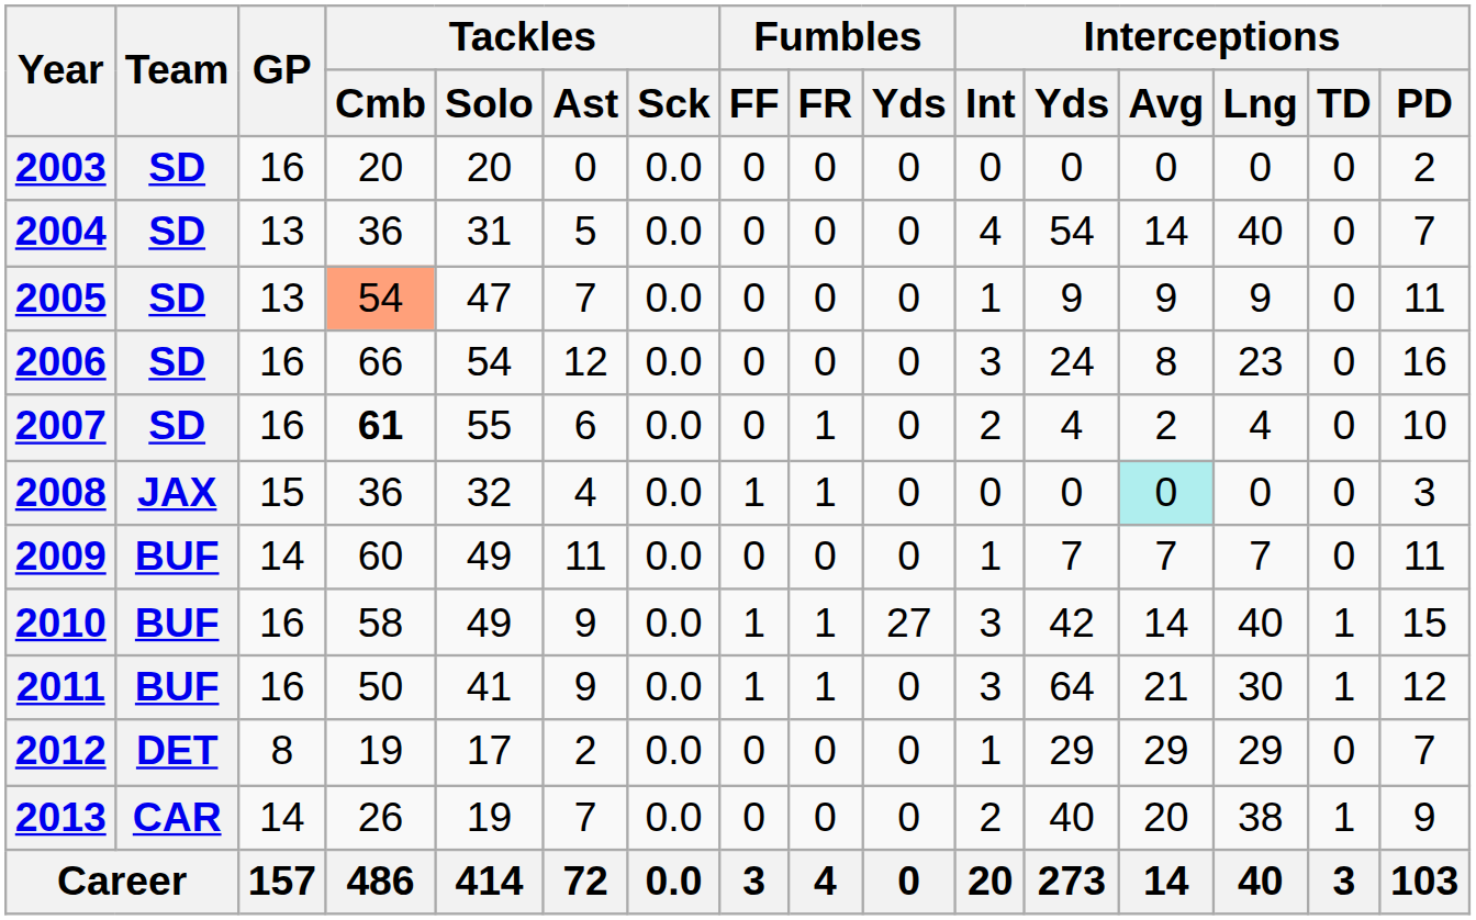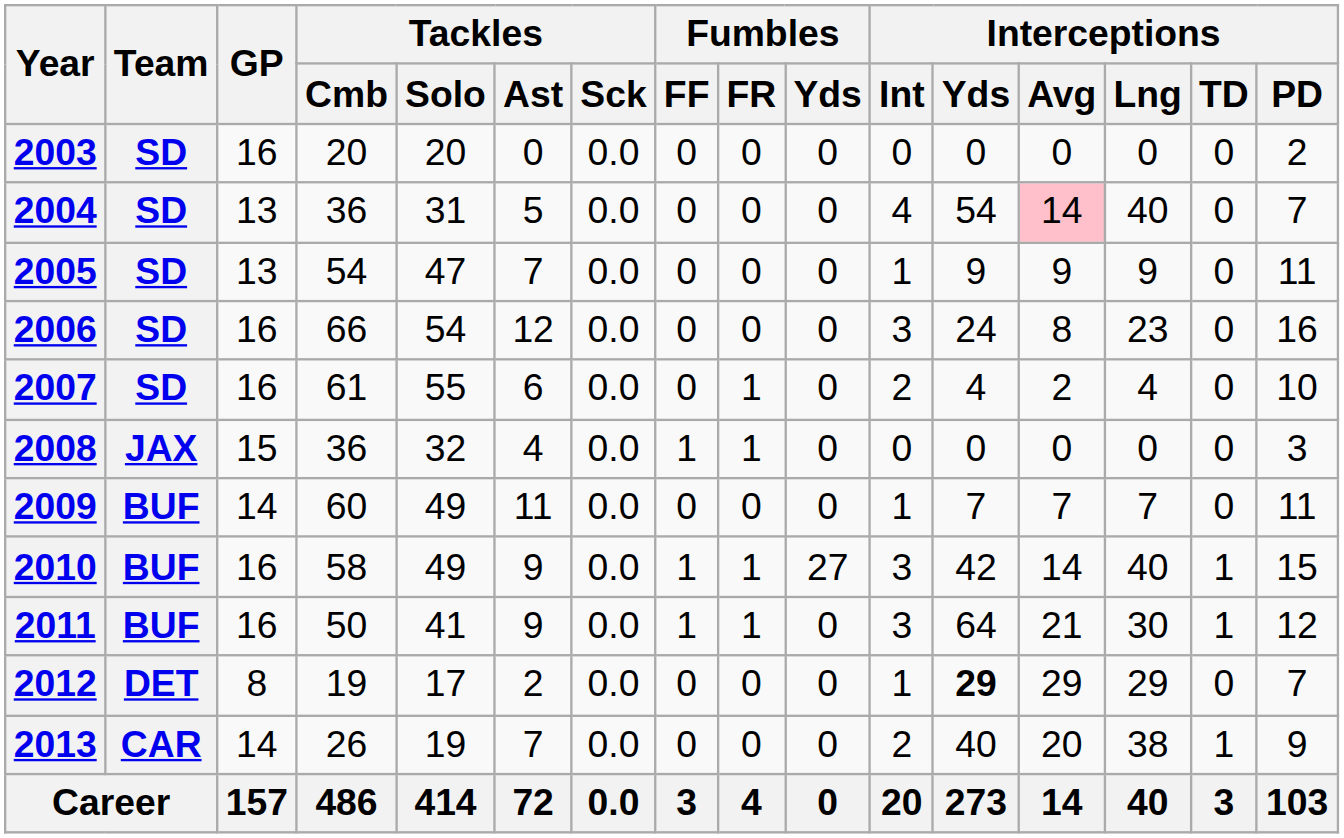 <table class="wikitable" style="text-align: center;">
 <tr>
 <th rowspan="2">Year</th>
 <th rowspan="2">Team</th>
 <th rowspan="2">GP</th>
 <th colspan="4">Tackles</th>
 <th colspan="3">Fumbles</th>
 <th colspan="6">Interceptions</th>
 </tr>
 <tr>
 <th>Cmb</th>
 <th>Solo</th>
 <th>Ast</th>
 <th>Sck</th>
 <th>FF</th>
 <th>FR</th>
 <th>Yds</th>
 <th>Int</th>
 <th>Yds</th>
 <th>Avg</th>
 <th>Lng</th>
 <th>TD</th>
 <th>PD</th>
 </tr>
 <tr>
 <th><a href='#'>2003</a></th>
 <th><a href='#'>SD</a></th>
 <td>16</td>
 <td>20</td>
 <td>20</td>
 <td>0</td>
 <td>0.0</td>
 <td>0</td>
 <td>0</td>
 <td>0</td>
 <td>0</td>
 <td>0</td>
 <td>0</td>
 <td>0</td>
 <td>0</td>
 <td>2</td>
 </tr>
 <tr>
 <th><a href='#'>2004</a></th>
 <th><a href='#'>SD</a></th>
 <td>13</td>
 <td>36</td>
 <td>31</td>
 <td>5</td>
 <td>0.0</td>
 <td>0</td>
 <td>0</td>
 <td>0</td>
 <td>4</td>
 <td>54</td>
-<td>14</td>
+<td style="background: pink;">14</td>
 <td>40</td>
 <td>0</td>
 <td>7</td>
 </tr>
 <tr>
 <th><a href='#'>2005</a></th>
 <th><a href='#'>SD</a></th>
 <td>13</td>
-<td style="background: lightsalmon;">54</td>
+<td>54</td>
 <td>47</td>
 <td>7</td>
 <td>0.0</td>
 <td>0</td>
 <td>0</td>
 <td>0</td>
 <td>1</td>
 <td>9</td>
 <td>9</td>
 <td>9</td>
 <td>0</td>
 <td>11</td>
 </tr>
 <tr>
 <th><a href='#'>2006</a></th>
 <th><a href='#'>SD</a></th>
 <td>16</td>
 <td>66</td>
 <td>54</td>
 <td>12</td>
 <td>0.0</td>
 <td>0</td>
 <td>0</td>
 <td>0</td>
 <td>3</td>
 <td>24</td>
 <td>8</td>
 <td>23</td>
 <td>0</td>
 <td>16</td>
 </tr>
 <tr>
 <th><a href='#'>2007</a></th>
 <th><a href='#'>SD</a></th>
 <td>16</td>
-<td><strong>61</strong></td>
+<td>61</td>
 <td>55</td>
 <td>6</td>
 <td>0.0</td>
 <td>0</td>
 <td>1</td>
 <td>0</td>
 <td>2</td>
 <td>4</td>
 <td>2</td>
 <td>4</td>
 <td>0</td>
 <td>10</td>
 </tr>
 <tr>
 <th><a href='#'>2008</a></th>
 <th><a href='#'>JAX</a></th>
 <td>15</td>
 <td>36</td>
 <td>32</td>
 <td>4</td>
 <td>0.0</td>
 <td>1</td>
 <td>1</td>
 <td>0</td>
 <td>0</td>
 <td>0</td>
-<td style="background: paleturquoise;">0</td>
+<td>0</td>
 <td>0</td>
 <td>0</td>
 <td>3</td>
 </tr>
 <tr>
 <th><a href='#'>2009</a></th>
 <th><a href='#'>BUF</a></th>
 <td>14</td>
 <td>60</td>
 <td>49</td>
 <td>11</td>
 <td>0.0</td>
 <td>0</td>
 <td>0</td>
 <td>0</td>
 <td>1</td>
 <td>7</td>
 <td>7</td>
 <td>7</td>
 <td>0</td>
 <td>11</td>
 </tr>
 <tr>
 <th><a href='#'>2010</a></th>
 <th><a href='#'>BUF</a></th>
 <td>16</td>
 <td>58</td>
 <td>49</td>
 <td>9</td>
 <td>0.0</td>
 <td>1</td>
 <td>1</td>
 <td>27</td>
 <td>3</td>
 <td>42</td>
 <td>14</td>
 <td>40</td>
 <td>1</td>
 <td>15</td>
 </tr>
 <tr>
 <th><a href='#'>2011</a></th>
 <th><a href='#'>BUF</a></th>
 <td>16</td>
 <td>50</td>
 <td>41</td>
 <td>9</td>
 <td>0.0</td>
 <td>1</td>
 <td>1</td>
 <td>0</td>
 <td>3</td>
 <td>64</td>
 <td>21</td>
 <td>30</td>
 <td>1</td>
 <td>12</td>
 </tr>
 <tr>
 <th><a href='#'>2012</a></th>
 <th><a href='#'>DET</a></th>
 <td>8</td>
 <td>19</td>
 <td>17</td>
 <td>2</td>
 <td>0.0</td>
 <td>0</td>
 <td>0</td>
 <td>0</td>
 <td>1</td>
-<td>29</td>
+<td><strong>29</strong></td>
 <td>29</td>
 <td>29</td>
 <td>0</td>
 <td>7</td>
 </tr>
 <tr>
 <th><a href='#'>2013</a></th>
 <th><a href='#'>CAR</a></th>
 <td>14</td>
 <td>26</td>
 <td>19</td>
 <td>7</td>
 <td>0.0</td>
 <td>0</td>
 <td>0</td>
 <td>0</td>
 <td>2</td>
 <td>40</td>
 <td>20</td>
 <td>38</td>
 <td>1</td>
 <td>9</td>
 </tr>
 <tr>
 <th colspan="2">Career</th>
 <th>157</th>
 <th>486</th>
 <th>414</th>
 <th>72</th>
 <th>0.0</th>
 <th>3</th>
 <th>4</th>
 <th>0</th>
 <th>20</th>
 <th>273</th>
 <th>14</th>
 <th>40</th>
 <th>3</th>
 <th>103</th>
 </tr>
 </table>
